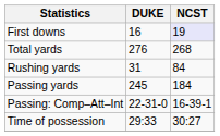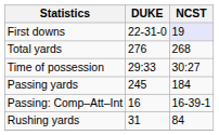 <table class="wikitable" style="float: left;">
 <tr>
 <th>Statistics</th>
 <th>DUKE</th>
 <th>NCST</th>
 </tr>
 <tr>
 <td>First downs</td>
-<td>16</td>
+<td>22-31-0</td>
 <td style="background: lavender;">19</td>
 </tr>
 <tr>
 <td>Total yards</td>
 <td>276</td>
 <td>268</td>
 </tr>
 <tr>
-<td>Rushing yards</td>
-<td>31</td>
-<td>84</td>
+<td>Time of possession</td>
+<td>29:33</td>
+<td>30:27</td>
 </tr>
 <tr>
 <td>Passing yards</td>
 <td>245</td>
 <td>184</td>
 </tr>
 <tr>
 <td>Passing: Comp–Att–Int</td>
-<td>22-31-0</td>
+<td>16</td>
 <td>16-39-1</td>
 </tr>
 <tr>
-<td>Time of possession</td>
-<td>29:33</td>
-<td>30:27</td>
+<td>Rushing yards</td>
+<td>31</td>
+<td>84</td>
 </tr>
 <tr>
 </tr>
 </table>
